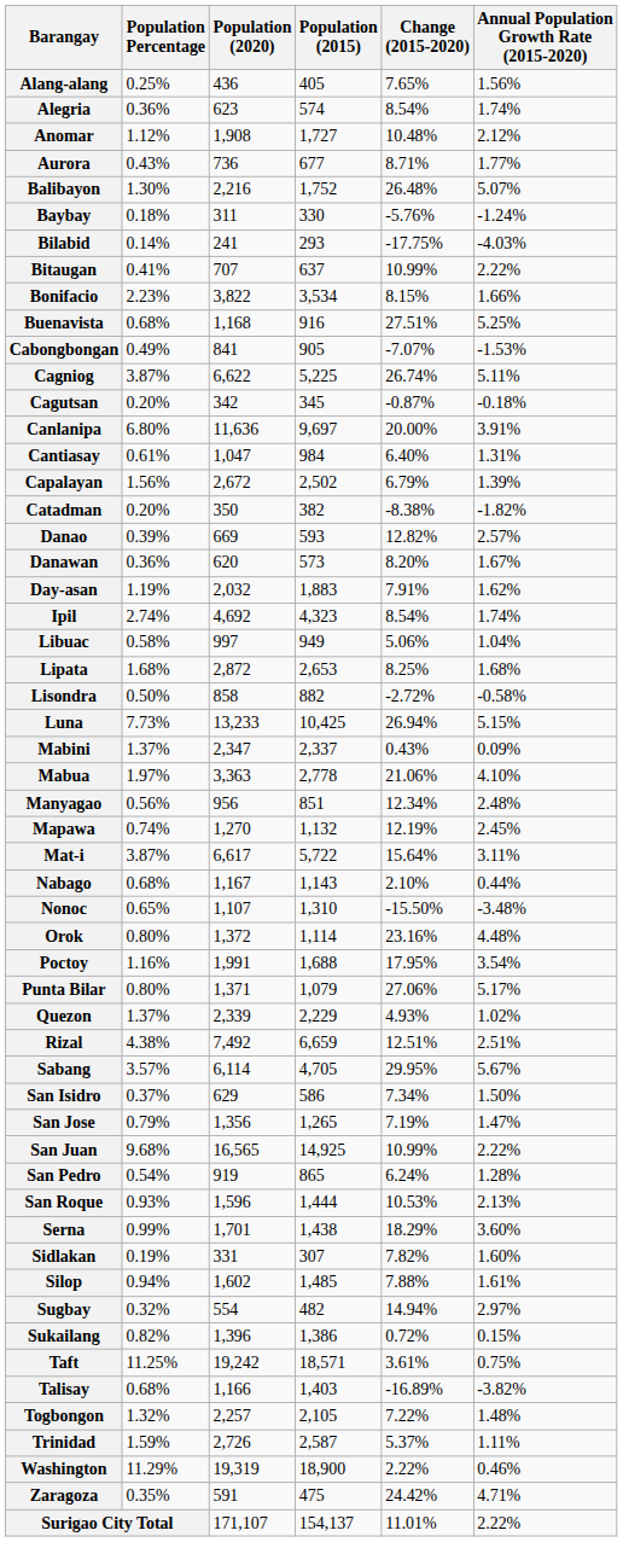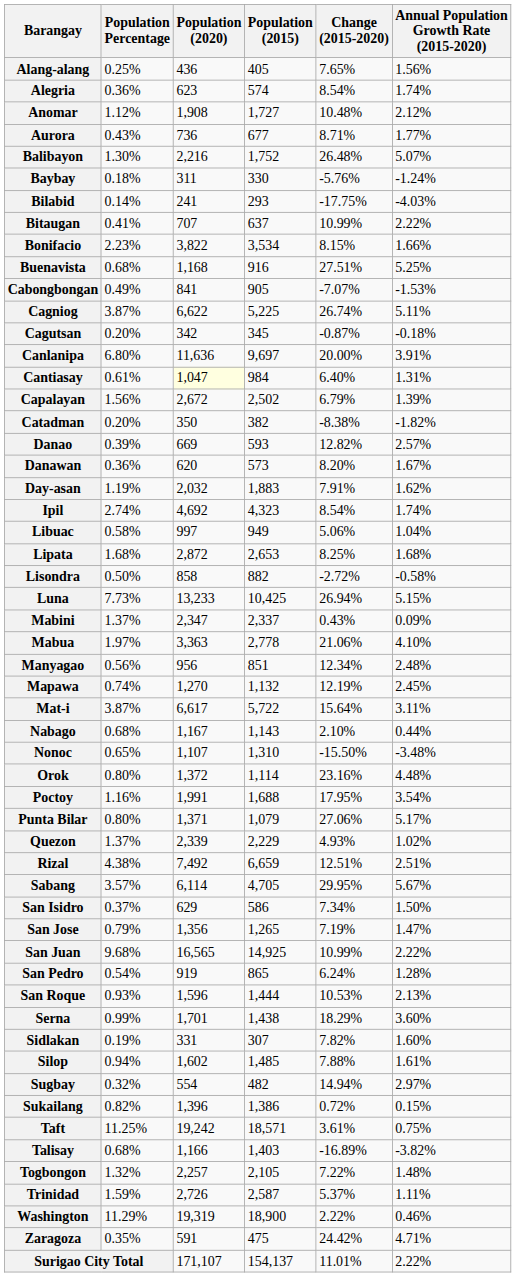 <table class="wikitable">
 <tr>
 <th>Barangay</th>
 <th>Population<br>Percentage</th>
 <th>Population<br>(2020)</th>
 <th>Population<br>(2015)</th>
 <th>Change<br>(2015-2020)</th>
 <th>Annual Population<br>Growth Rate<br>(2015-2020)</th>
 </tr>
 <tr>
 <th>Alang-alang</th>
 <td>0.25%</td>
 <td>436</td>
 <td>405</td>
 <td>7.65%</td>
 <td>1.56%</td>
 </tr>
 <tr>
 <th>Alegria</th>
 <td>0.36%</td>
 <td>623</td>
 <td>574</td>
 <td>8.54%</td>
 <td>1.74%</td>
 </tr>
 <tr>
 <th>Anomar</th>
 <td>1.12%</td>
 <td>1,908</td>
 <td>1,727</td>
 <td>10.48%</td>
 <td>2.12%</td>
 </tr>
 <tr>
 <th>Aurora</th>
 <td>0.43%</td>
 <td>736</td>
 <td>677</td>
 <td>8.71%</td>
 <td>1.77%</td>
 </tr>
 <tr>
 <th>Balibayon</th>
 <td>1.30%</td>
 <td>2,216</td>
 <td>1,752</td>
 <td>26.48%</td>
 <td>5.07%</td>
 </tr>
 <tr>
 <th>Baybay</th>
 <td>0.18%</td>
 <td>311</td>
 <td>330</td>
 <td>-5.76%</td>
 <td>-1.24%</td>
 </tr>
 <tr>
 <th>Bilabid</th>
 <td>0.14%</td>
 <td>241</td>
 <td>293</td>
 <td>-17.75%</td>
 <td>-4.03%</td>
 </tr>
 <tr>
 <th>Bitaugan</th>
 <td>0.41%</td>
 <td>707</td>
 <td>637</td>
 <td>10.99%</td>
 <td>2.22%</td>
 </tr>
 <tr>
 <th>Bonifacio</th>
 <td>2.23%</td>
 <td>3,822</td>
 <td>3,534</td>
 <td>8.15%</td>
 <td>1.66%</td>
 </tr>
 <tr>
 <th>Buenavista</th>
 <td>0.68%</td>
 <td>1,168</td>
 <td>916</td>
 <td>27.51%</td>
 <td>5.25%</td>
 </tr>
 <tr>
 <th>Cabongbongan</th>
 <td>0.49%</td>
 <td>841</td>
 <td>905</td>
 <td>-7.07%</td>
 <td>-1.53%</td>
 </tr>
 <tr>
 <th>Cagniog</th>
 <td>3.87%</td>
 <td>6,622</td>
 <td>5,225</td>
 <td>26.74%</td>
 <td>5.11%</td>
 </tr>
 <tr>
 <th>Cagutsan</th>
 <td>0.20%</td>
 <td>342</td>
 <td>345</td>
 <td>-0.87%</td>
 <td>-0.18%</td>
 </tr>
 <tr>
 <th>Canlanipa</th>
 <td>6.80%</td>
 <td>11,636</td>
 <td>9,697</td>
 <td>20.00%</td>
 <td>3.91%</td>
 </tr>
 <tr>
 <th>Cantiasay</th>
 <td>0.61%</td>
-<td>1,047</td>
+<td style="background: lightyellow;">1,047</td>
 <td>984</td>
 <td>6.40%</td>
 <td>1.31%</td>
 </tr>
 <tr>
 <th>Capalayan</th>
 <td>1.56%</td>
 <td>2,672</td>
 <td>2,502</td>
 <td>6.79%</td>
 <td>1.39%</td>
 </tr>
 <tr>
 <th>Catadman</th>
 <td>0.20%</td>
 <td>350</td>
 <td>382</td>
 <td>-8.38%</td>
 <td>-1.82%</td>
 </tr>
 <tr>
 <th>Danao</th>
 <td>0.39%</td>
 <td>669</td>
 <td>593</td>
 <td>12.82%</td>
 <td>2.57%</td>
 </tr>
 <tr>
 <th>Danawan</th>
 <td>0.36%</td>
 <td>620</td>
 <td>573</td>
 <td>8.20%</td>
 <td>1.67%</td>
 </tr>
 <tr>
 <th>Day-asan</th>
 <td>1.19%</td>
 <td>2,032</td>
 <td>1,883</td>
 <td>7.91%</td>
 <td>1.62%</td>
 </tr>
 <tr>
 <th>Ipil</th>
 <td>2.74%</td>
 <td>4,692</td>
 <td>4,323</td>
 <td>8.54%</td>
 <td>1.74%</td>
 </tr>
 <tr>
 <th>Libuac</th>
 <td>0.58%</td>
 <td>997</td>
 <td>949</td>
 <td>5.06%</td>
 <td>1.04%</td>
 </tr>
 <tr>
 <th>Lipata</th>
 <td>1.68%</td>
 <td>2,872</td>
 <td>2,653</td>
 <td>8.25%</td>
 <td>1.68%</td>
 </tr>
 <tr>
 <th>Lisondra</th>
 <td>0.50%</td>
 <td>858</td>
 <td>882</td>
 <td>-2.72%</td>
 <td>-0.58%</td>
 </tr>
 <tr>
 <th>Luna</th>
 <td>7.73%</td>
 <td>13,233</td>
 <td>10,425</td>
 <td>26.94%</td>
 <td>5.15%</td>
 </tr>
 <tr>
 <th>Mabini</th>
 <td>1.37%</td>
 <td>2,347</td>
 <td>2,337</td>
 <td>0.43%</td>
 <td>0.09%</td>
 </tr>
 <tr>
 <th>Mabua</th>
 <td>1.97%</td>
 <td>3,363</td>
 <td>2,778</td>
 <td>21.06%</td>
 <td>4.10%</td>
 </tr>
 <tr>
 <th>Manyagao</th>
 <td>0.56%</td>
 <td>956</td>
 <td>851</td>
 <td>12.34%</td>
 <td>2.48%</td>
 </tr>
 <tr>
 <th>Mapawa</th>
 <td>0.74%</td>
 <td>1,270</td>
 <td>1,132</td>
 <td>12.19%</td>
 <td>2.45%</td>
 </tr>
 <tr>
 <th>Mat-i</th>
 <td>3.87%</td>
 <td>6,617</td>
 <td>5,722</td>
 <td>15.64%</td>
 <td>3.11%</td>
 </tr>
 <tr>
 <th>Nabago</th>
 <td>0.68%</td>
 <td>1,167</td>
 <td>1,143</td>
 <td>2.10%</td>
 <td>0.44%</td>
 </tr>
 <tr>
 <th>Nonoc</th>
 <td>0.65%</td>
 <td>1,107</td>
 <td>1,310</td>
 <td>-15.50%</td>
 <td>-3.48%</td>
 </tr>
 <tr>
 <th>Orok</th>
 <td>0.80%</td>
 <td>1,372</td>
 <td>1,114</td>
 <td>23.16%</td>
 <td>4.48%</td>
 </tr>
 <tr>
 <th>Poctoy</th>
 <td>1.16%</td>
 <td>1,991</td>
 <td>1,688</td>
 <td>17.95%</td>
 <td>3.54%</td>
 </tr>
 <tr>
 <th>Punta Bilar</th>
 <td>0.80%</td>
 <td>1,371</td>
 <td>1,079</td>
 <td>27.06%</td>
 <td>5.17%</td>
 </tr>
 <tr>
 <th>Quezon</th>
 <td>1.37%</td>
 <td>2,339</td>
 <td>2,229</td>
 <td>4.93%</td>
 <td>1.02%</td>
 </tr>
 <tr>
 <th>Rizal</th>
 <td>4.38%</td>
 <td>7,492</td>
 <td>6,659</td>
 <td>12.51%</td>
 <td>2.51%</td>
 </tr>
 <tr>
 <th>Sabang</th>
 <td>3.57%</td>
 <td>6,114</td>
 <td>4,705</td>
 <td>29.95%</td>
 <td>5.67%</td>
 </tr>
 <tr>
 <th>San Isidro</th>
 <td>0.37%</td>
 <td>629</td>
 <td>586</td>
 <td>7.34%</td>
 <td>1.50%</td>
 </tr>
 <tr>
 <th>San Jose</th>
 <td>0.79%</td>
 <td>1,356</td>
 <td>1,265</td>
 <td>7.19%</td>
 <td>1.47%</td>
 </tr>
 <tr>
 <th>San Juan</th>
 <td>9.68%</td>
 <td>16,565</td>
 <td>14,925</td>
 <td>10.99%</td>
 <td>2.22%</td>
 </tr>
 <tr>
 <th>San Pedro</th>
 <td>0.54%</td>
 <td>919</td>
 <td>865</td>
 <td>6.24%</td>
 <td>1.28%</td>
 </tr>
 <tr>
 <th>San Roque</th>
 <td>0.93%</td>
 <td>1,596</td>
 <td>1,444</td>
 <td>10.53%</td>
 <td>2.13%</td>
 </tr>
 <tr>
 <th>Serna</th>
 <td>0.99%</td>
 <td>1,701</td>
 <td>1,438</td>
 <td>18.29%</td>
 <td>3.60%</td>
 </tr>
 <tr>
 <th>Sidlakan</th>
 <td>0.19%</td>
 <td>331</td>
 <td>307</td>
 <td>7.82%</td>
 <td>1.60%</td>
 </tr>
 <tr>
 <th>Silop</th>
 <td>0.94%</td>
 <td>1,602</td>
 <td>1,485</td>
 <td>7.88%</td>
 <td>1.61%</td>
 </tr>
 <tr>
 <th>Sugbay</th>
 <td>0.32%</td>
 <td>554</td>
 <td>482</td>
 <td>14.94%</td>
 <td>2.97%</td>
 </tr>
 <tr>
 <th>Sukailang</th>
 <td>0.82%</td>
 <td>1,396</td>
 <td>1,386</td>
 <td>0.72%</td>
 <td>0.15%</td>
 </tr>
 <tr>
 <th>Taft</th>
 <td>11.25%</td>
 <td>19,242</td>
 <td>18,571</td>
 <td>3.61%</td>
 <td>0.75%</td>
 </tr>
 <tr>
 <th>Talisay</th>
 <td>0.68%</td>
 <td>1,166</td>
 <td>1,403</td>
 <td>-16.89%</td>
 <td>-3.82%</td>
 </tr>
 <tr>
 <th>Togbongon</th>
 <td>1.32%</td>
 <td>2,257</td>
 <td>2,105</td>
 <td>7.22%</td>
 <td>1.48%</td>
 </tr>
 <tr>
 <th>Trinidad</th>
 <td>1.59%</td>
 <td>2,726</td>
 <td>2,587</td>
 <td>5.37%</td>
 <td>1.11%</td>
 </tr>
 <tr>
 <th>Washington</th>
 <td>11.29%</td>
 <td>19,319</td>
 <td>18,900</td>
 <td>2.22%</td>
 <td>0.46%</td>
 </tr>
 <tr>
 <th>Zaragoza</th>
 <td>0.35%</td>
 <td>591</td>
 <td>475</td>
 <td>24.42%</td>
 <td>4.71%</td>
 </tr>
 <tr>
 <th colspan="2">Surigao City Total</th>
 <td>171,107</td>
 <td>154,137</td>
 <td>11.01%</td>
 <td>2.22%</td>
 </tr>
 </table>
